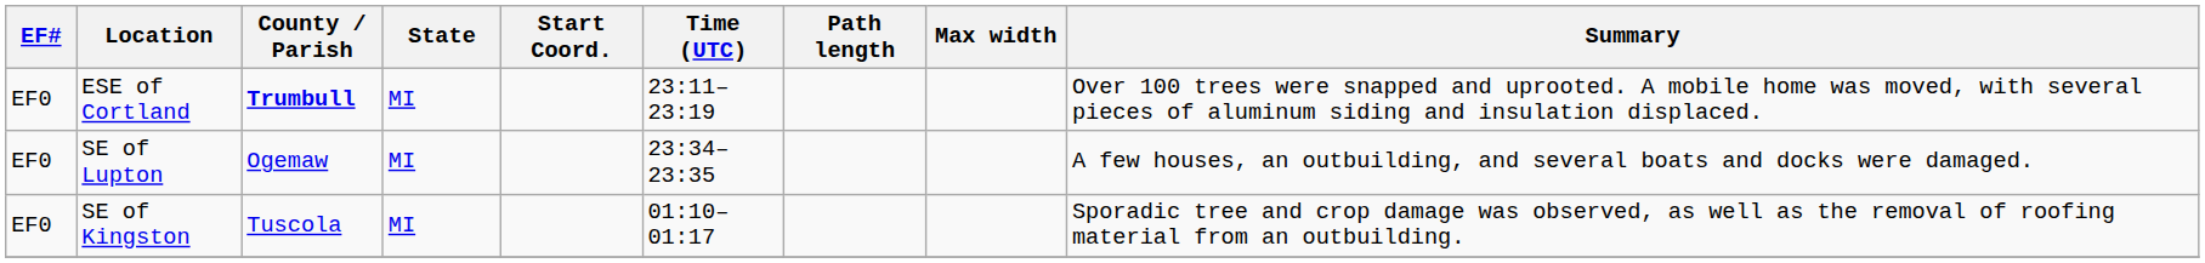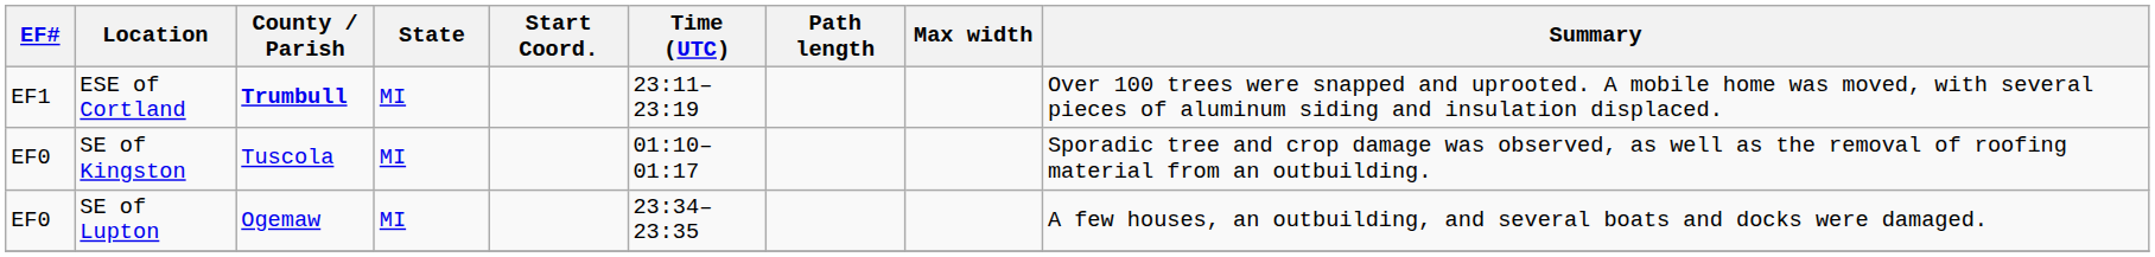 <table class="wikitable sortable" style="width:100%;">
 <tr>
 <th scope="col"  style="width:3%; text-align:center;"><a href='#'>EF#</a></th>
 <th scope="col"  style="width:7%; text-align:center;" class="unsortable">Location</th>
 <th scope="col"  style="width:6%; text-align:center;" class="unsortable">County / Parish</th>
 <th scope="col"  style="width:5%; text-align:center;">State</th>
 <th scope="col"  style="width:6%; text-align:center;">Start Coord.</th>
 <th scope="col"  style="width:6%; text-align:center;">Time (<a href='#'>UTC</a>)</th>
 <th scope="col"  style="width:6%; text-align:center;">Path length</th>
 <th scope="col"  style="width:6%; text-align:center;">Max width</th>
 <th scope="col" class="unsortable" style="width:48%; text-align:center;">Summary</th>
 </tr>
 <tr>
-<td>EF0</td>
+<td>EF1</td>
 <td>ESE of <a href='#'>Cortland</a></td>
 <td><strong><a href='#'>Trumbull</a></strong></td>
 <td><a href='#'>MI</a></td>
 <td></td>
 <td>23:11–23:19</td>
 <td></td>
 <td></td>
 <td>Over 100 trees were snapped and uprooted. A mobile home was moved, with several pieces of aluminum siding and insulation displaced.</td>
+</tr>
+<tr>
+<td>EF0</td>
+<td>SE of <a href='#'>Kingston</a></td>
+<td><a href='#'>Tuscola</a></td>
+<td><a href='#'>MI</a></td>
+<td></td>
+<td>01:10–01:17</td>
+<td></td>
+<td></td>
+<td>Sporadic tree and crop damage was observed, as well as the removal of roofing material from an outbuilding.</td>
 </tr>
 <tr>
 <td>EF0</td>
 <td>SE of <a href='#'>Lupton</a></td>
 <td><a href='#'>Ogemaw</a></td>
 <td><a href='#'>MI</a></td>
 <td></td>
 <td>23:34–23:35</td>
 <td></td>
 <td></td>
 <td>A few houses, an outbuilding, and several boats and docks were damaged.</td>
 </tr>
 <tr>
-<td>EF0</td>
-<td>SE of <a href='#'>Kingston</a></td>
-<td><a href='#'>Tuscola</a></td>
-<td><a href='#'>MI</a></td>
-<td></td>
-<td>01:10–01:17</td>
-<td></td>
-<td></td>
-<td>Sporadic tree and crop damage was observed, as well as the removal of roofing material from an outbuilding.</td>
-</tr>
-<tr>
 </tr>
 </table>
